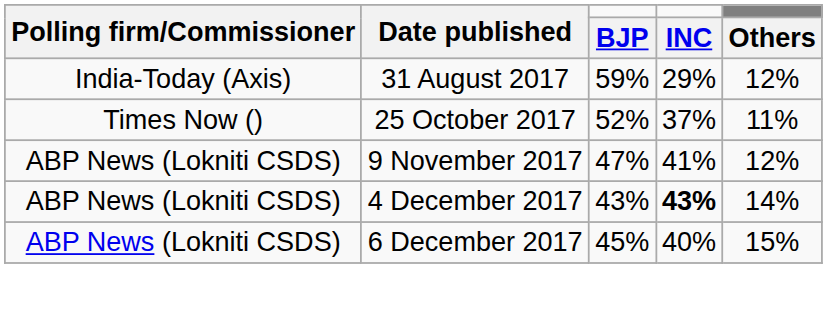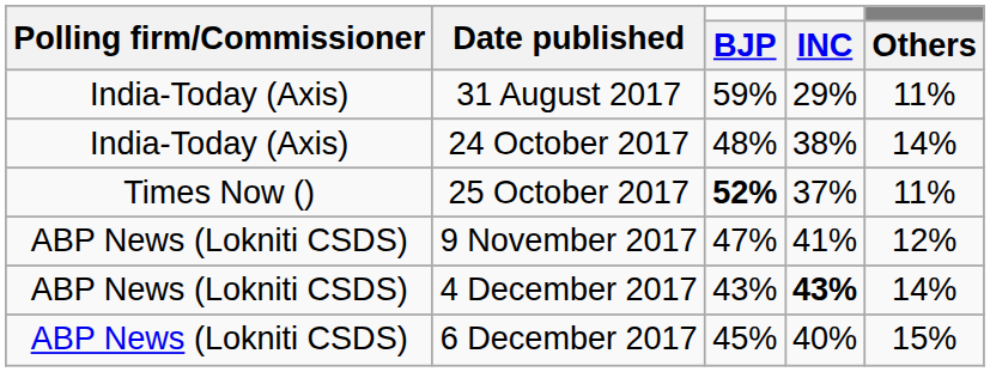 <table class="wikitable" style="text-align:center;font-size:95%;line-height:16px;">
 <tr>
 <th class="wikitable" rowspan="2">Polling firm/Commissioner</th>
 <th class="wikitable" rowspan="2">Date published</th>
 <td></td>
 <td></td>
 <td style="background:gray;"></td>
 </tr>
 <tr>
 <th class="wikitable"><a href='#'>BJP</a></th>
 <th class="wikitable"><a href='#'>INC</a></th>
 <th class="wikitable">Others</th>
 </tr>
 <tr>
 <td>India-Today (Axis)</td>
 <td>31 August 2017</td>
 <td>59%<br></td>
 <td>29%<br></td>
-<td>12%<br></td>
+<td>11%<br></td>
+</tr>
+<tr>
+<td>India-Today (Axis)</td>
+<td>24 October 2017</td>
+<td>48%<br></td>
+<td>38%<br></td>
+<td>14%<br></td>
 </tr>
 <tr>
 <td>Times Now ()</td>
 <td>25 October 2017</td>
-<td>52%<br></td>
+<td><strong>52%<br></strong></td>
 <td>37%<br></td>
 <td>11%<br></td>
 </tr>
 <tr>
 <td>ABP News (Lokniti CSDS)</td>
 <td>9 November 2017</td>
 <td>47%<br></td>
 <td>41%<br></td>
 <td>12%<br></td>
 </tr>
 <tr>
 <td>ABP News (Lokniti CSDS)</td>
 <td>4 December 2017</td>
 <td>43%<br></td>
 <td><strong>43%<br></strong></td>
 <td>14%<br></td>
 </tr>
 <tr>
 <td><a href='#'>ABP News</a> (Lokniti CSDS)</td>
 <td>6 December 2017</td>
 <td>45%<br></td>
 <td>40%<br></td>
 <td>15%<br></td>
 </tr>
 </table>
